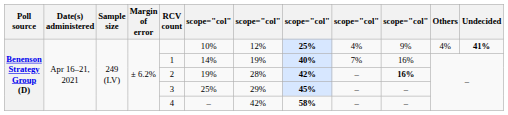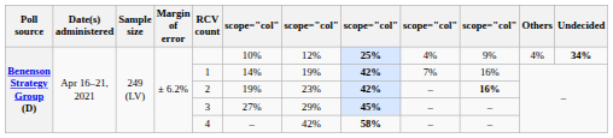 <table class="wikitable plainrowheaders" style="text-align:center; font-size:90%;">
 <tr>
 <th scope="col">Poll source</th>
 <th scope="col">Date(s)<br>administered</th>
 <th scope="col">Sample<br>size</th>
 <th scope="col">Margin<br>of error</th>
 <th scope="col">RCV<br>count</th>
 <th>scope="col" </th>
 <th>scope="col" </th>
 <th>scope="col" </th>
 <th>scope="col" </th>
 <th>scope="col" </th>
 <th scope="col">Others</th>
 <th scope="col">Undecided</th>
 </tr>
 <tr>
 <th scope="row" rowspan="5"><a href='#'>Benenson Strategy Group</a> (D)</th>
 <td rowspan="5">Apr 16–21, 2021</td>
 <td rowspan="5">249 (LV)</td>
 <td rowspan="5">± 6.2%</td>
 <td></td>
 <td>10%</td>
 <td>12%</td>
 <td style="background:#d7e7ff"><strong>25%</strong></td>
 <td>4%</td>
 <td>9%</td>
 <td>4%</td>
-<td><strong>41%</strong></td>
+<td><strong>34%</strong></td>
 </tr>
 <tr>
 <td>1</td>
 <td>14%</td>
 <td>19%</td>
-<td style="background:#d7e7ff"><strong>40%</strong></td>
+<td style="background:#d7e7ff"><strong>42%</strong></td>
 <td>7%</td>
 <td>16%</td>
 <td rowspan="4" colspan="2">–</td>
 </tr>
 <tr>
 <td>2</td>
 <td>19%</td>
-<td>28%</td>
+<td>23%</td>
 <td style="background:#d7e7ff"><strong>42%</strong></td>
 <td>–</td>
 <td><strong>16%</strong></td>
 </tr>
 <tr>
 <td>3</td>
-<td>25%</td>
+<td>27%</td>
 <td>29%</td>
 <td style="background:#d7e7ff"><strong>45%</strong></td>
 <td>–</td>
 <td>–</td>
 </tr>
 <tr>
 <td>4</td>
 <td>–</td>
 <td>42%</td>
 <td><strong>58%</strong></td>
 <td>–</td>
 <td>–</td>
 </tr>
 </table>
